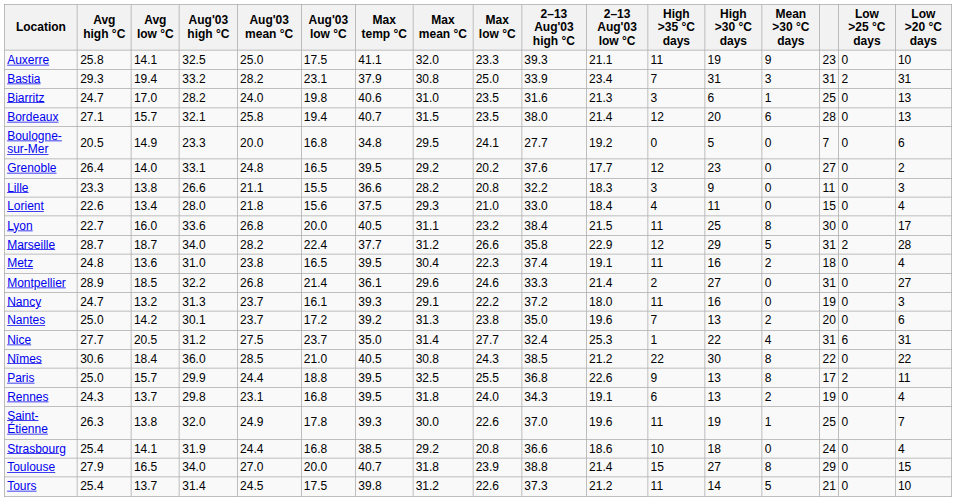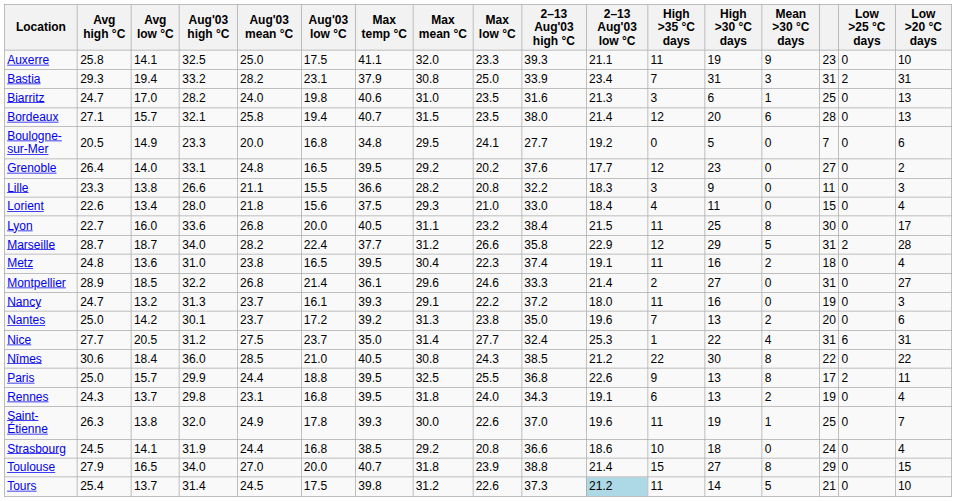 <table class="wikitable sortable" style="margin:auto;">
 <tr>
 <th>Location</th>
 <th>Avg high °C</th>
 <th>Avg low °C</th>
 <th>Aug'03 high °C</th>
 <th>Aug'03 mean °C</th>
 <th>Aug'03 low °C</th>
 <th>Max temp °C</th>
 <th>Max mean °C</th>
 <th>Max low °C</th>
 <th>2–13 Aug'03 high °C</th>
 <th>2–13 Aug'03 low °C</th>
 <th>High >35 °C days</th>
 <th>High >30 °C days</th>
 <th>Mean >30 °C days</th>
 <th></th>
 <th>Low >25 °C days</th>
 <th>Low >20 °C days</th>
 </tr>
 <tr>
 <td><a href='#'>Auxerre</a></td>
 <td>25.8</td>
 <td>14.1</td>
 <td>32.5</td>
 <td>25.0</td>
 <td>17.5</td>
 <td>41.1</td>
 <td>32.0</td>
 <td>23.3</td>
 <td>39.3</td>
 <td>21.1</td>
 <td>11</td>
 <td>19</td>
 <td>9</td>
 <td>23</td>
 <td>0</td>
 <td>10</td>
 </tr>
 <tr>
 <td><a href='#'>Bastia</a></td>
 <td>29.3</td>
 <td>19.4</td>
 <td>33.2</td>
 <td>28.2</td>
 <td>23.1</td>
 <td>37.9</td>
 <td>30.8</td>
 <td>25.0</td>
 <td>33.9</td>
 <td>23.4</td>
 <td>7</td>
 <td>31</td>
 <td>3</td>
 <td>31</td>
 <td>2</td>
 <td>31</td>
 </tr>
 <tr>
 <td><a href='#'>Biarritz</a></td>
 <td>24.7</td>
 <td>17.0</td>
 <td>28.2</td>
 <td>24.0</td>
 <td>19.8</td>
 <td>40.6</td>
 <td>31.0</td>
 <td>23.5</td>
 <td>31.6</td>
 <td>21.3</td>
 <td>3</td>
 <td>6</td>
 <td>1</td>
 <td>25</td>
 <td>0</td>
 <td>13</td>
 </tr>
 <tr>
 <td><a href='#'>Bordeaux</a></td>
 <td>27.1</td>
 <td>15.7</td>
 <td>32.1</td>
 <td>25.8</td>
 <td>19.4</td>
 <td>40.7</td>
 <td>31.5</td>
 <td>23.5</td>
 <td>38.0</td>
 <td>21.4</td>
 <td>12</td>
 <td>20</td>
 <td>6</td>
 <td>28</td>
 <td>0</td>
 <td>13</td>
 </tr>
 <tr>
 <td><a href='#'>Boulogne-sur-Mer</a></td>
 <td>20.5</td>
 <td>14.9</td>
 <td>23.3</td>
 <td>20.0</td>
 <td>16.8</td>
 <td>34.8</td>
 <td>29.5</td>
 <td>24.1</td>
 <td>27.7</td>
 <td>19.2</td>
 <td>0</td>
 <td>5</td>
 <td>0</td>
 <td>7</td>
 <td>0</td>
 <td>6</td>
 </tr>
 <tr>
 <td><a href='#'>Grenoble</a></td>
 <td>26.4</td>
 <td>14.0</td>
 <td>33.1</td>
 <td>24.8</td>
 <td>16.5</td>
 <td>39.5</td>
 <td>29.2</td>
 <td>20.2</td>
 <td>37.6</td>
 <td>17.7</td>
 <td>12</td>
 <td>23</td>
 <td>0</td>
 <td>27</td>
 <td>0</td>
 <td>2</td>
 </tr>
 <tr>
 <td><a href='#'>Lille</a></td>
 <td>23.3</td>
 <td>13.8</td>
 <td>26.6</td>
 <td>21.1</td>
 <td>15.5</td>
 <td>36.6</td>
 <td>28.2</td>
 <td>20.8</td>
 <td>32.2</td>
 <td>18.3</td>
 <td>3</td>
 <td>9</td>
 <td>0</td>
 <td>11</td>
 <td>0</td>
 <td>3</td>
 </tr>
 <tr>
 <td><a href='#'>Lorient</a></td>
 <td>22.6</td>
 <td>13.4</td>
 <td>28.0</td>
 <td>21.8</td>
 <td>15.6</td>
 <td>37.5</td>
 <td>29.3</td>
 <td>21.0</td>
 <td>33.0</td>
 <td>18.4</td>
 <td>4</td>
 <td>11</td>
 <td>0</td>
 <td>15</td>
 <td>0</td>
 <td>4</td>
 </tr>
 <tr>
 <td><a href='#'>Lyon</a></td>
 <td>22.7</td>
 <td>16.0</td>
 <td>33.6</td>
 <td>26.8</td>
 <td>20.0</td>
 <td>40.5</td>
 <td>31.1</td>
 <td>23.2</td>
 <td>38.4</td>
 <td>21.5</td>
 <td>11</td>
 <td>25</td>
 <td>8</td>
 <td>30</td>
 <td>0</td>
 <td>17</td>
 </tr>
 <tr>
 <td><a href='#'>Marseille</a></td>
 <td>28.7</td>
 <td>18.7</td>
 <td>34.0</td>
 <td>28.2</td>
 <td>22.4</td>
 <td>37.7</td>
 <td>31.2</td>
 <td>26.6</td>
 <td>35.8</td>
 <td>22.9</td>
 <td>12</td>
 <td>29</td>
 <td>5</td>
 <td>31</td>
 <td>2</td>
 <td>28</td>
 </tr>
 <tr>
 <td><a href='#'>Metz</a></td>
 <td>24.8</td>
 <td>13.6</td>
 <td>31.0</td>
 <td>23.8</td>
 <td>16.5</td>
 <td>39.5</td>
 <td>30.4</td>
 <td>22.3</td>
 <td>37.4</td>
 <td>19.1</td>
 <td>11</td>
 <td>16</td>
 <td>2</td>
 <td>18</td>
 <td>0</td>
 <td>4</td>
 </tr>
 <tr>
 <td><a href='#'>Montpellier</a></td>
 <td>28.9</td>
 <td>18.5</td>
 <td>32.2</td>
 <td>26.8</td>
 <td>21.4</td>
 <td>36.1</td>
 <td>29.6</td>
 <td>24.6</td>
 <td>33.3</td>
 <td>21.4</td>
 <td>2</td>
 <td>27</td>
 <td>0</td>
 <td>31</td>
 <td>0</td>
 <td>27</td>
 </tr>
 <tr>
 <td><a href='#'>Nancy</a></td>
 <td>24.7</td>
 <td>13.2</td>
 <td>31.3</td>
 <td>23.7</td>
 <td>16.1</td>
 <td>39.3</td>
 <td>29.1</td>
 <td>22.2</td>
 <td>37.2</td>
 <td>18.0</td>
 <td>11</td>
 <td>16</td>
 <td>0</td>
 <td>19</td>
 <td>0</td>
 <td>3</td>
 </tr>
 <tr>
 <td><a href='#'>Nantes</a></td>
 <td>25.0</td>
 <td>14.2</td>
 <td>30.1</td>
 <td>23.7</td>
 <td>17.2</td>
 <td>39.2</td>
 <td>31.3</td>
 <td>23.8</td>
 <td>35.0</td>
 <td>19.6</td>
 <td>7</td>
 <td>13</td>
 <td>2</td>
 <td>20</td>
 <td>0</td>
 <td>6</td>
 </tr>
 <tr>
 <td><a href='#'>Nice</a></td>
 <td>27.7</td>
 <td>20.5</td>
 <td>31.2</td>
 <td>27.5</td>
 <td>23.7</td>
 <td>35.0</td>
 <td>31.4</td>
 <td>27.7</td>
 <td>32.4</td>
 <td>25.3</td>
 <td>1</td>
 <td>22</td>
 <td>4</td>
 <td>31</td>
 <td>6</td>
 <td>31</td>
 </tr>
 <tr>
 <td><a href='#'>Nîmes</a></td>
 <td>30.6</td>
 <td>18.4</td>
 <td>36.0</td>
 <td>28.5</td>
 <td>21.0</td>
 <td>40.5</td>
 <td>30.8</td>
 <td>24.3</td>
 <td>38.5</td>
 <td>21.2</td>
 <td>22</td>
 <td>30</td>
 <td>8</td>
 <td>22</td>
 <td>0</td>
 <td>22</td>
 </tr>
 <tr>
 <td><a href='#'>Paris</a></td>
 <td>25.0</td>
 <td>15.7</td>
 <td>29.9</td>
 <td>24.4</td>
 <td>18.8</td>
 <td>39.5</td>
 <td>32.5</td>
 <td>25.5</td>
 <td>36.8</td>
 <td>22.6</td>
 <td>9</td>
 <td>13</td>
 <td>8</td>
 <td>17</td>
 <td>2</td>
 <td>11</td>
 </tr>
 <tr>
 <td><a href='#'>Rennes</a></td>
 <td>24.3</td>
 <td>13.7</td>
 <td>29.8</td>
 <td>23.1</td>
 <td>16.8</td>
 <td>39.5</td>
 <td>31.8</td>
 <td>24.0</td>
 <td>34.3</td>
 <td>19.1</td>
 <td>6</td>
 <td>13</td>
 <td>2</td>
 <td>19</td>
 <td>0</td>
 <td>4</td>
 </tr>
 <tr>
 <td><a href='#'>Saint-Étienne</a></td>
 <td>26.3</td>
 <td>13.8</td>
 <td>32.0</td>
 <td>24.9</td>
 <td>17.8</td>
 <td>39.3</td>
 <td>30.0</td>
 <td>22.6</td>
 <td>37.0</td>
 <td>19.6</td>
 <td>11</td>
 <td>19</td>
 <td>1</td>
 <td>25</td>
 <td>0</td>
 <td>7</td>
 </tr>
 <tr>
 <td><a href='#'>Strasbourg</a></td>
-<td>25.4</td>
+<td>24.5</td>
 <td>14.1</td>
 <td>31.9</td>
 <td>24.4</td>
 <td>16.8</td>
 <td>38.5</td>
 <td>29.2</td>
 <td>20.8</td>
 <td>36.6</td>
 <td>18.6</td>
 <td>10</td>
 <td>18</td>
 <td>0</td>
 <td>24</td>
 <td>0</td>
 <td>4</td>
 </tr>
 <tr>
 <td><a href='#'>Toulouse</a></td>
 <td>27.9</td>
 <td>16.5</td>
 <td>34.0</td>
 <td>27.0</td>
 <td>20.0</td>
 <td>40.7</td>
 <td>31.8</td>
 <td>23.9</td>
 <td>38.8</td>
 <td>21.4</td>
 <td>15</td>
 <td>27</td>
 <td>8</td>
 <td>29</td>
 <td>0</td>
 <td>15</td>
 </tr>
 <tr>
 <td><a href='#'>Tours</a></td>
 <td>25.4</td>
 <td>13.7</td>
 <td>31.4</td>
 <td>24.5</td>
 <td>17.5</td>
 <td>39.8</td>
 <td>31.2</td>
 <td>22.6</td>
 <td>37.3</td>
-<td>21.2</td>
+<td style="background: lightblue;">21.2</td>
 <td>11</td>
 <td>14</td>
 <td>5</td>
 <td>21</td>
 <td>0</td>
 <td>10</td>
 </tr>
 </table>
